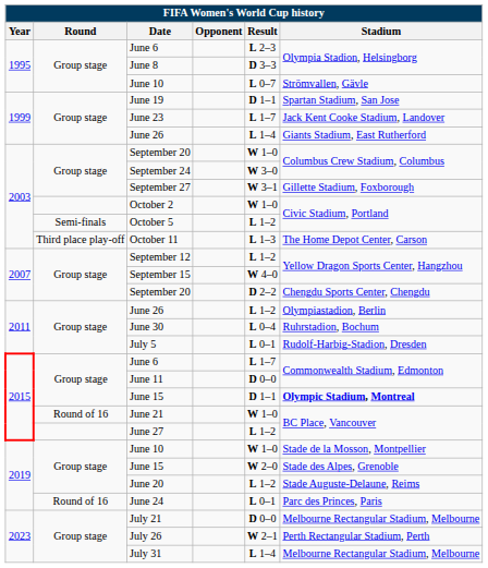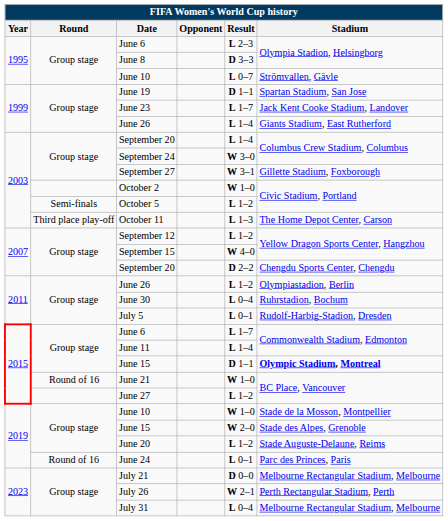 <table class="wikitable collapsible collapsed" style="text-align: center;font-size:100%;">
 <tr>
 <th colspan=6 style="background: #013A5E; color: #FFFFFF;">FIFA Women's World Cup history</th>
 </tr>
 <tr>
 <th>Year</th>
 <th>Round</th>
 <th>Date</th>
 <th>Opponent</th>
 <th>Result</th>
 <th>Stadium</th>
 </tr>
 <tr>
 <td rowspan=3> <a href='#'>1995</a></td>
 <td rowspan=3>Group stage</td>
 <td align="left">June 6</td>
 <td align="left"></td>
 <td><strong>L</strong> 2–3</td>
 <td rowspan=2 align="left"><a href='#'>Olympia Stadion</a>, <a href='#'>Helsingborg</a></td>
 </tr>
 <tr>
 <td align="left">June 8</td>
 <td align="left"></td>
 <td><strong>D</strong> 3–3</td>
 </tr>
 <tr>
 <td align="left">June 10</td>
 <td align="left"></td>
 <td><strong>L</strong> 0–7</td>
 <td align="left"><a href='#'>Strömvallen</a>, <a href='#'>Gävle</a></td>
 </tr>
 <tr>
 <td rowspan=3> <a href='#'>1999</a></td>
 <td rowspan=3>Group stage</td>
 <td align="left">June 19</td>
 <td align="left"></td>
 <td><strong>D</strong> 1–1</td>
 <td align="left"><a href='#'>Spartan Stadium</a>, <a href='#'>San Jose</a></td>
 </tr>
 <tr>
 <td align="left">June 23</td>
 <td align="left"></td>
 <td><strong>L</strong> 1–7</td>
 <td align="left"><a href='#'>Jack Kent Cooke Stadium</a>, <a href='#'>Landover</a></td>
 </tr>
 <tr>
 <td align="left">June 26</td>
 <td align="left"></td>
 <td><strong>L</strong> 1–4</td>
 <td align="left"><a href='#'>Giants Stadium</a>, <a href='#'>East Rutherford</a></td>
 </tr>
 <tr>
 <td rowspan=6> <a href='#'>2003</a></td>
 <td rowspan=3>Group stage</td>
 <td align="left">September 20</td>
 <td align="left"></td>
-<td><strong>W</strong> 1–0</td>
+<td><strong>L</strong> 1–4</td>
 <td rowspan=2 align="left"><a href='#'>Columbus Crew Stadium</a>, <a href='#'>Columbus</a></td>
 </tr>
 <tr>
 <td align="left">September 24</td>
 <td align="left"></td>
 <td><strong>W</strong> 3–0</td>
 </tr>
 <tr>
 <td align="left">September 27</td>
 <td align="left"></td>
 <td><strong>W</strong> 3–1</td>
 <td align="left"><a href='#'>Gillette Stadium</a>, <a href='#'>Foxborough</a></td>
 </tr>
 <tr>
 <td></td>
 <td align="left">October 2</td>
 <td align="left"></td>
 <td><strong>W</strong> 1–0</td>
 <td rowspan=2 align="left"><a href='#'>Civic Stadium</a>, <a href='#'>Portland</a></td>
 </tr>
 <tr>
 <td>Semi-finals</td>
 <td align="left">October 5</td>
 <td align="left"></td>
 <td><strong>L</strong> 1–2</td>
 </tr>
 <tr>
 <td>Third place play-off</td>
 <td align="left">October 11</td>
 <td align="left"></td>
 <td><strong>L</strong> 1–3</td>
 <td align="left"><a href='#'>The Home Depot Center</a>, <a href='#'>Carson</a></td>
 </tr>
 <tr>
 <td rowspan=3> <a href='#'>2007</a></td>
 <td rowspan=3>Group stage</td>
 <td align="left">September 12</td>
 <td align="left"></td>
 <td><strong>L</strong> 1–2</td>
 <td rowspan=2 align="left"><a href='#'>Yellow Dragon Sports Center</a>, <a href='#'>Hangzhou</a></td>
 </tr>
 <tr>
 <td align="left">September 15</td>
 <td align="left"></td>
 <td><strong>W</strong> 4–0</td>
 </tr>
 <tr>
 <td align="left">September 20</td>
 <td align="left"></td>
 <td><strong>D</strong> 2–2</td>
 <td align="left"><a href='#'>Chengdu Sports Center</a>, <a href='#'>Chengdu</a></td>
 </tr>
 <tr>
 <td rowspan=3> <a href='#'>2011</a></td>
 <td rowspan=3>Group stage</td>
 <td align="left">June 26</td>
 <td align="left"></td>
 <td><strong>L</strong> 1–2</td>
 <td align="left"><a href='#'>Olympiastadion</a>, <a href='#'>Berlin</a></td>
 </tr>
 <tr>
 <td align="left">June 30</td>
 <td align="left"></td>
 <td><strong>L</strong> 0–4</td>
 <td align="left"><a href='#'>Ruhrstadion</a>, <a href='#'>Bochum</a></td>
 </tr>
 <tr>
 <td align="left">July 5</td>
 <td align="left"></td>
 <td><strong>L</strong> 0–1</td>
 <td align="left"><a href='#'>Rudolf-Harbig-Stadion</a>, <a href='#'>Dresden</a></td>
 </tr>
 <tr>
 <td style="border: 3px solid red" rowspan=5> <a href='#'>2015</a></td>
 <td rowspan=3>Group stage</td>
 <td align="left">June 6</td>
 <td align="left"></td>
 <td><strong>L</strong> 1–7</td>
 <td rowspan=2 align="left"><a href='#'>Commonwealth Stadium</a>, <a href='#'>Edmonton</a></td>
 </tr>
 <tr>
 <td align="left">June 11</td>
 <td align="left"></td>
-<td><strong>D</strong> 0–0</td>
+<td><strong>L</strong> 1–4</td>
 </tr>
 <tr>
 <td align="left">June 15</td>
 <td align="left"></td>
 <td><strong>D</strong> 1–1</td>
 <td align="left"><strong><a href='#'>Olympic Stadium</a>, <a href='#'>Montreal</a></strong></td>
 </tr>
 <tr>
 <td>Round of 16</td>
 <td align="left">June 21</td>
 <td align="left"></td>
 <td><strong>W</strong> 1–0</td>
 <td rowspan=2 align="left"><a href='#'>BC Place</a>, <a href='#'>Vancouver</a></td>
 </tr>
 <tr>
 <td></td>
 <td align="left">June 27</td>
 <td align="left"></td>
 <td><strong>L</strong> 1–2</td>
 </tr>
 <tr>
 <td rowspan=4> <a href='#'>2019</a></td>
 <td rowspan=3>Group stage</td>
 <td align="left">June 10</td>
 <td align="left"></td>
 <td><strong>W</strong> 1–0</td>
 <td align="left"><a href='#'>Stade de la Mosson</a>, <a href='#'>Montpellier</a></td>
 </tr>
 <tr>
 <td align="left">June 15</td>
 <td align="left"></td>
 <td><strong>W</strong> 2–0</td>
 <td align="left"><a href='#'>Stade des Alpes</a>, <a href='#'>Grenoble</a></td>
 </tr>
 <tr>
 <td align="left">June 20</td>
 <td align="left"></td>
 <td><strong>L</strong> 1–2</td>
 <td align="left"><a href='#'>Stade Auguste-Delaune</a>, <a href='#'>Reims</a></td>
 </tr>
 <tr>
 <td>Round of 16</td>
 <td align="left">June 24</td>
 <td align="left"></td>
 <td><strong>L</strong> 0–1</td>
 <td align="left"><a href='#'>Parc des Princes</a>, <a href='#'>Paris</a></td>
 </tr>
 <tr>
 <td rowspan=3> <a href='#'>2023</a></td>
 <td rowspan=3>Group stage</td>
 <td align="left">July 21</td>
 <td align="left"></td>
 <td><strong>D</strong> 0–0</td>
 <td align="left"><a href='#'>Melbourne Rectangular Stadium</a>, <a href='#'>Melbourne</a></td>
 </tr>
 <tr>
 <td align="left">July 26</td>
 <td align="left"></td>
 <td><strong>W</strong> 2–1</td>
 <td align="left"><a href='#'>Perth Rectangular Stadium</a>, <a href='#'>Perth</a></td>
 </tr>
 <tr>
 <td align="left">July 31</td>
 <td align="left"></td>
-<td><strong>L</strong> 1–4</td>
+<td><strong>L</strong> 0–4</td>
 <td align="left"><a href='#'>Melbourne Rectangular Stadium</a>, <a href='#'>Melbourne</a></td>
 </tr>
 </table>
